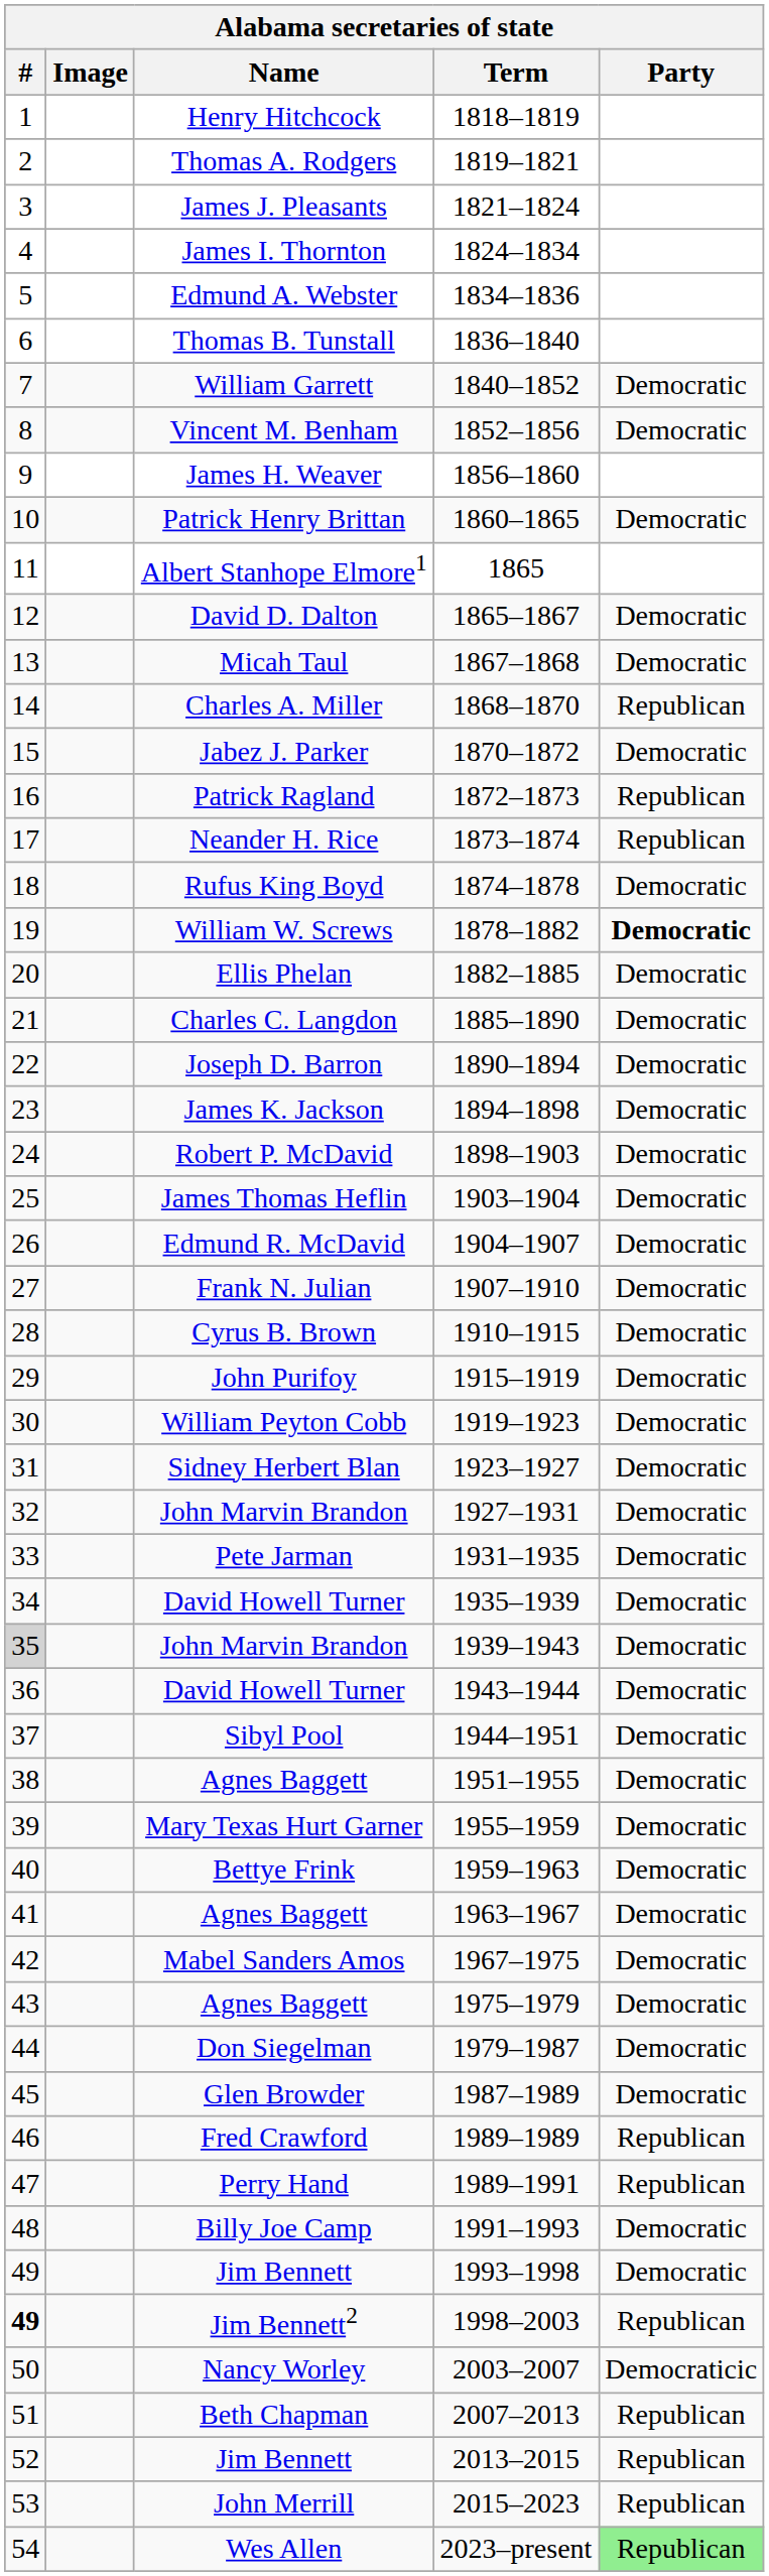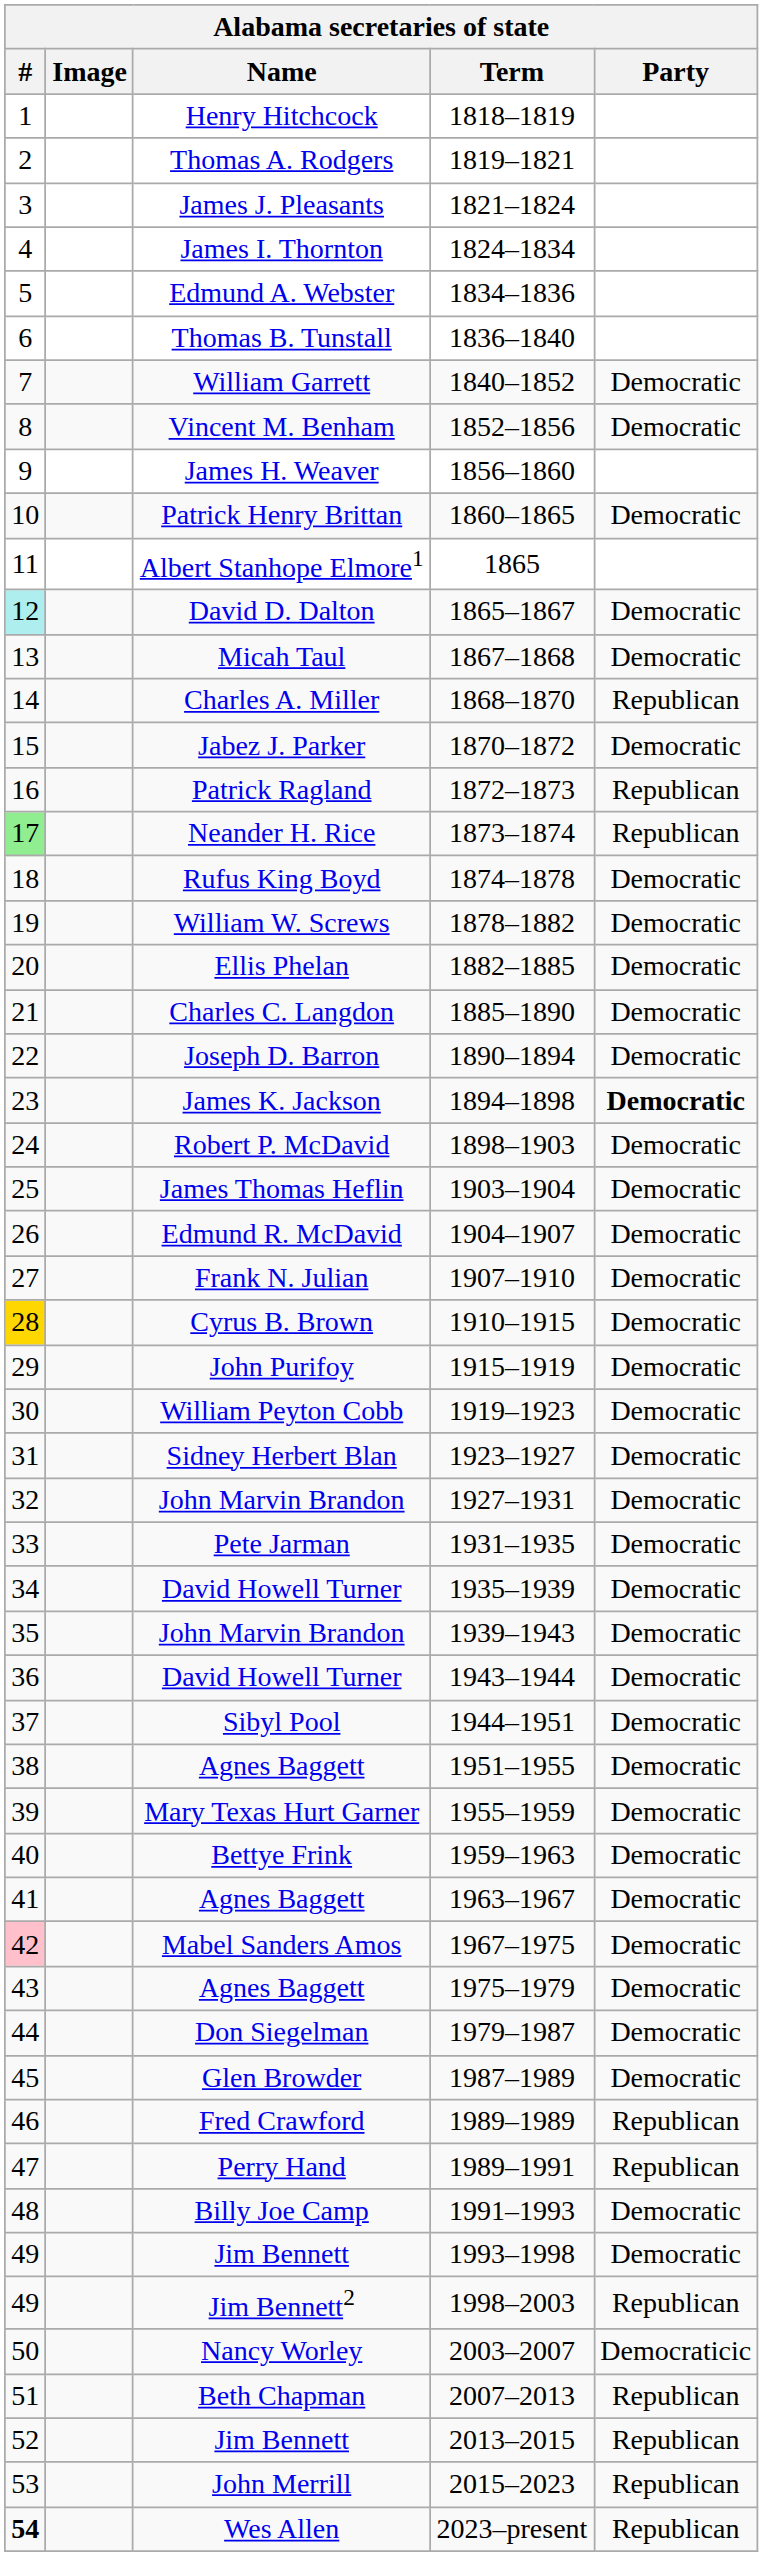 <table class="wikitable" style="text-align:center">
 <tr>
 <th colspan="5">Alabama secretaries of state</th>
 </tr>
 <tr>
 <th>#</th>
 <th>Image</th>
 <th>Name</th>
 <th>Term</th>
 <th>Party</th>
 </tr>
 <tr style="background:#FFFFFF">
 <td>1</td>
 <td></td>
 <td><a href='#'>Henry Hitchcock</a></td>
 <td>1818–1819</td>
 <td></td>
 </tr>
 <tr style="background:#FFFFFF">
 <td>2</td>
 <td></td>
 <td><a href='#'>Thomas A. Rodgers</a></td>
 <td>1819–1821</td>
 <td></td>
 </tr>
 <tr style="background:#FFFFFF">
 <td>3</td>
 <td></td>
 <td><a href='#'>James J. Pleasants</a></td>
 <td>1821–1824</td>
 <td></td>
 </tr>
 <tr style="background:#FFFFFF">
 <td>4</td>
 <td></td>
 <td><a href='#'>James I. Thornton</a></td>
 <td>1824–1834</td>
 <td></td>
 </tr>
 <tr style="background:#FFFFFF">
 <td>5</td>
 <td></td>
 <td><a href='#'>Edmund A. Webster</a></td>
 <td>1834–1836</td>
 <td></td>
 </tr>
 <tr style="background:#FFFFFF">
 <td>6</td>
 <td></td>
 <td><a href='#'>Thomas B. Tunstall</a></td>
 <td>1836–1840</td>
 <td></td>
 </tr>
 <tr>
 <td>7</td>
 <td></td>
 <td><a href='#'>William Garrett</a></td>
 <td>1840–1852</td>
 <td>Democratic</td>
 </tr>
 <tr>
 <td>8</td>
 <td></td>
 <td><a href='#'>Vincent M. Benham</a></td>
 <td>1852–1856</td>
 <td>Democratic</td>
 </tr>
 <tr style="background:#FFFFFF">
 <td>9</td>
 <td></td>
 <td><a href='#'>James H. Weaver</a></td>
 <td>1856–1860</td>
 <td></td>
 </tr>
 <tr>
 <td>10</td>
 <td></td>
 <td><a href='#'>Patrick Henry Brittan</a></td>
 <td>1860–1865</td>
 <td>Democratic</td>
 </tr>
 <tr style="background:#FFFFFF">
 <td>11</td>
 <td></td>
 <td><a href='#'>Albert Stanhope Elmore</a><sup>1</sup></td>
 <td>1865</td>
 <td></td>
 </tr>
 <tr>
-<td>12</td>
+<td style="background: paleturquoise;">12</td>
 <td></td>
 <td><a href='#'>David D. Dalton</a></td>
 <td>1865–1867</td>
 <td>Democratic</td>
 </tr>
 <tr>
 <td>13</td>
 <td></td>
 <td><a href='#'>Micah Taul</a></td>
 <td>1867–1868</td>
 <td>Democratic</td>
 </tr>
 <tr>
 <td>14</td>
 <td></td>
 <td><a href='#'>Charles A. Miller</a></td>
 <td>1868–1870</td>
 <td>Republican</td>
 </tr>
 <tr>
 <td>15</td>
 <td></td>
 <td><a href='#'>Jabez J. Parker</a></td>
 <td>1870–1872</td>
 <td>Democratic</td>
 </tr>
 <tr>
 <td>16</td>
 <td></td>
 <td><a href='#'>Patrick Ragland</a></td>
 <td>1872–1873</td>
 <td>Republican</td>
 </tr>
 <tr>
-<td>17</td>
+<td style="background: lightgreen;">17</td>
 <td></td>
 <td><a href='#'>Neander H. Rice</a></td>
 <td>1873–1874</td>
 <td>Republican</td>
 </tr>
 <tr>
 <td>18</td>
 <td></td>
 <td><a href='#'>Rufus King Boyd</a></td>
 <td>1874–1878</td>
 <td>Democratic</td>
 </tr>
 <tr>
 <td>19</td>
 <td></td>
 <td><a href='#'>William W. Screws</a></td>
 <td>1878–1882</td>
-<td><strong>Democratic</strong></td>
+<td>Democratic</td>
 </tr>
 <tr>
 <td>20</td>
 <td></td>
 <td><a href='#'>Ellis Phelan</a></td>
 <td>1882–1885</td>
 <td>Democratic</td>
 </tr>
 <tr>
 <td>21</td>
 <td></td>
 <td><a href='#'>Charles C. Langdon</a></td>
 <td>1885–1890</td>
 <td>Democratic</td>
 </tr>
 <tr>
 <td>22</td>
 <td></td>
 <td><a href='#'>Joseph D. Barron</a></td>
 <td>1890–1894</td>
 <td>Democratic</td>
 </tr>
 <tr>
 <td>23</td>
 <td></td>
 <td><a href='#'>James K. Jackson</a></td>
 <td>1894–1898</td>
-<td>Democratic</td>
+<td><strong>Democratic</strong></td>
 </tr>
 <tr>
 <td>24</td>
 <td></td>
 <td><a href='#'>Robert P. McDavid</a></td>
 <td>1898–1903</td>
 <td>Democratic</td>
 </tr>
 <tr>
 <td>25</td>
 <td></td>
 <td><a href='#'>James Thomas Heflin</a></td>
 <td>1903–1904</td>
 <td>Democratic</td>
 </tr>
 <tr>
 <td>26</td>
 <td></td>
 <td><a href='#'>Edmund R. McDavid</a></td>
 <td>1904–1907</td>
 <td>Democratic</td>
 </tr>
 <tr>
 <td>27</td>
 <td></td>
 <td><a href='#'>Frank N. Julian</a></td>
 <td>1907–1910</td>
 <td>Democratic</td>
 </tr>
 <tr>
-<td>28</td>
+<td style="background: gold;">28</td>
 <td></td>
 <td><a href='#'>Cyrus B. Brown</a></td>
 <td>1910–1915</td>
 <td>Democratic</td>
 </tr>
 <tr>
 <td>29</td>
 <td></td>
 <td><a href='#'>John Purifoy</a></td>
 <td>1915–1919</td>
 <td>Democratic</td>
 </tr>
 <tr>
 <td>30</td>
 <td></td>
 <td><a href='#'>William Peyton Cobb</a></td>
 <td>1919–1923</td>
 <td>Democratic</td>
 </tr>
 <tr>
 <td>31</td>
 <td></td>
 <td><a href='#'>Sidney Herbert Blan</a></td>
 <td>1923–1927</td>
 <td>Democratic</td>
 </tr>
 <tr>
 <td>32</td>
 <td></td>
 <td><a href='#'>John Marvin Brandon</a></td>
 <td>1927–1931</td>
 <td>Democratic</td>
 </tr>
 <tr>
 <td>33</td>
 <td></td>
 <td><a href='#'>Pete Jarman</a></td>
 <td>1931–1935</td>
 <td>Democratic</td>
 </tr>
 <tr>
 <td>34</td>
 <td></td>
 <td><a href='#'>David Howell Turner</a></td>
 <td>1935–1939</td>
 <td>Democratic</td>
 </tr>
 <tr>
-<td style="background: lightgrey;">35</td>
+<td>35</td>
 <td></td>
 <td><a href='#'>John Marvin Brandon</a></td>
 <td>1939–1943</td>
 <td>Democratic</td>
 </tr>
 <tr>
 <td>36</td>
 <td></td>
 <td><a href='#'>David Howell Turner</a></td>
 <td>1943–1944</td>
 <td>Democratic</td>
 </tr>
 <tr>
 <td>37</td>
 <td></td>
 <td><a href='#'>Sibyl Pool</a></td>
 <td>1944–1951</td>
 <td>Democratic</td>
 </tr>
 <tr>
 <td>38</td>
 <td></td>
 <td><a href='#'>Agnes Baggett</a></td>
 <td>1951–1955</td>
 <td>Democratic</td>
 </tr>
 <tr>
 <td>39</td>
 <td></td>
 <td><a href='#'>Mary Texas Hurt Garner</a></td>
 <td>1955–1959</td>
 <td>Democratic</td>
 </tr>
 <tr>
 <td>40</td>
 <td></td>
 <td><a href='#'>Bettye Frink</a></td>
 <td>1959–1963</td>
 <td>Democratic</td>
 </tr>
 <tr>
 <td>41</td>
 <td></td>
 <td><a href='#'>Agnes Baggett</a></td>
 <td>1963–1967</td>
 <td>Democratic</td>
 </tr>
 <tr>
-<td>42</td>
+<td style="background: pink;">42</td>
 <td></td>
 <td><a href='#'>Mabel Sanders Amos</a></td>
 <td>1967–1975</td>
 <td>Democratic</td>
 </tr>
 <tr>
 <td>43</td>
 <td></td>
 <td><a href='#'>Agnes Baggett</a></td>
 <td>1975–1979</td>
 <td>Democratic</td>
 </tr>
 <tr>
 <td>44</td>
 <td></td>
 <td><a href='#'>Don Siegelman</a></td>
 <td>1979–1987</td>
 <td>Democratic</td>
 </tr>
 <tr>
 <td>45</td>
 <td></td>
 <td><a href='#'>Glen Browder</a></td>
 <td>1987–1989</td>
 <td>Democratic</td>
 </tr>
 <tr>
 <td>46</td>
 <td></td>
 <td><a href='#'>Fred Crawford</a></td>
 <td>1989–1989</td>
 <td>Republican</td>
 </tr>
 <tr>
 <td>47</td>
 <td></td>
 <td><a href='#'>Perry Hand</a></td>
 <td>1989–1991</td>
 <td>Republican</td>
 </tr>
 <tr>
 <td>48</td>
 <td></td>
 <td><a href='#'>Billy Joe Camp</a></td>
 <td>1991–1993</td>
 <td>Democratic</td>
 </tr>
 <tr>
 <td>49</td>
 <td></td>
 <td><a href='#'>Jim Bennett</a></td>
 <td>1993–1998</td>
 <td>Democratic</td>
 </tr>
 <tr>
-<td><strong>49</strong></td>
+<td>49</td>
 <td></td>
 <td><a href='#'>Jim Bennett</a><sup>2</sup></td>
 <td>1998–2003</td>
 <td>Republican</td>
 </tr>
 <tr>
 <td>50</td>
 <td></td>
 <td><a href='#'>Nancy Worley</a></td>
 <td>2003–2007</td>
 <td>Democraticic</td>
 </tr>
 <tr>
 <td>51</td>
 <td></td>
 <td><a href='#'>Beth Chapman</a></td>
 <td>2007–2013</td>
 <td>Republican</td>
 </tr>
 <tr>
 <td>52</td>
 <td></td>
 <td><a href='#'>Jim Bennett</a></td>
 <td>2013–2015</td>
 <td>Republican</td>
 </tr>
 <tr>
 <td>53</td>
 <td></td>
 <td><a href='#'>John Merrill</a></td>
 <td>2015–2023</td>
 <td>Republican</td>
 </tr>
 <tr>
-<td>54</td>
+<td><strong>54</strong></td>
 <td></td>
 <td><a href='#'>Wes Allen</a></td>
 <td>2023–present</td>
-<td style="background: lightgreen;">Republican</td>
+<td>Republican</td>
 </tr>
 </table>
